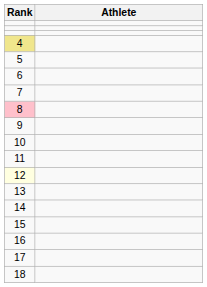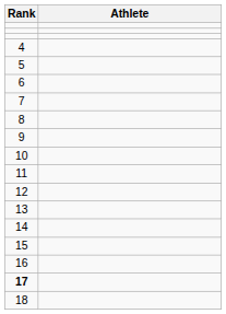 <table class="wikitable" style="text-align: center;">
 <tr>
 <th width=40>Rank</th>
 <th width=250>Athlete</th>
 </tr>
 <tr>
 <td></td>
 <td align="left"></td>
 </tr>
 <tr>
 <td></td>
 <td align="left"></td>
 </tr>
 <tr>
 <td></td>
 <td align="left"></td>
 </tr>
 <tr>
-<td style="background: khaki;">4</td>
+<td>4</td>
 <td align="left"></td>
 </tr>
 <tr>
 <td>5</td>
 <td align="left"></td>
 </tr>
 <tr>
 <td>6</td>
 <td align="left"></td>
 </tr>
 <tr>
 <td>7</td>
 <td align="left"></td>
 </tr>
 <tr>
-<td style="background: pink;">8</td>
+<td>8</td>
 <td align="left"></td>
 </tr>
 <tr>
 <td>9</td>
 <td align="left"></td>
 </tr>
 <tr>
 <td>10</td>
 <td align="left"></td>
 </tr>
 <tr>
 <td>11</td>
 <td align="left"></td>
 </tr>
 <tr>
-<td style="background: lightyellow;">12</td>
+<td>12</td>
 <td align="left"></td>
 </tr>
 <tr>
 <td>13</td>
 <td align="left"></td>
 </tr>
 <tr>
 <td>14</td>
 <td align="left"></td>
 </tr>
 <tr>
 <td>15</td>
 <td align="left"></td>
 </tr>
 <tr>
 <td>16</td>
 <td align="left"></td>
 </tr>
 <tr>
-<td>17</td>
+<td><strong>17</strong></td>
 <td align="left"></td>
 </tr>
 <tr>
 <td>18</td>
 <td align="left"></td>
 </tr>
 </table>
